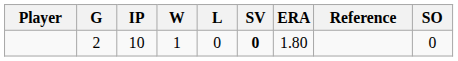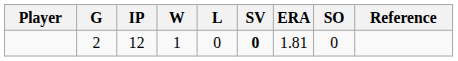 <table class="wikitable sortable" style="text-align:center; font-size: 95%">
 <tr>
 <th bgcolor="#DDDDFF" width="16%">Player</th>
 <th bgcolor="#DDDDFF" width="9%">G</th>
 <th bgcolor="#DDDDFF" width="9%">IP</th>
 <th bgcolor="#DDDDFF" width="9%">W</th>
 <th bgcolor="#DDDDFF" width="9%">L</th>
 <th>SV</th>
 <th bgcolor="#DDDDFF" width="9%">ERA</th>
+<th bgcolor="#DDDDFF" width="9%">SO</th>
 <th>Reference</th>
-<th bgcolor="#DDDDFF" width="9%">SO</th>
 </tr>
 <tr>
 <td></td>
 <td>2</td>
-<td>10</td>
+<td>12</td>
 <td>1</td>
 <td>0</td>
 <td><strong>0</strong></td>
-<td>1.80</td>
+<td>1.81</td>
+<td>0</td>
 <td></td>
-<td>0</td>
 </tr>
 </table>
